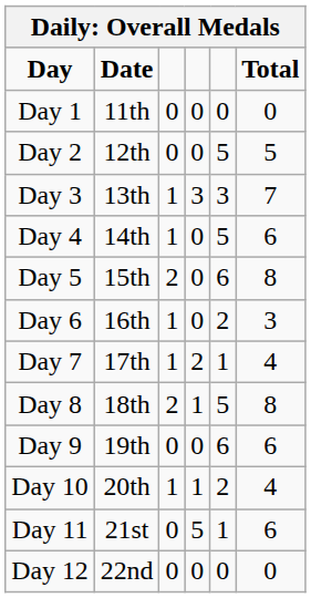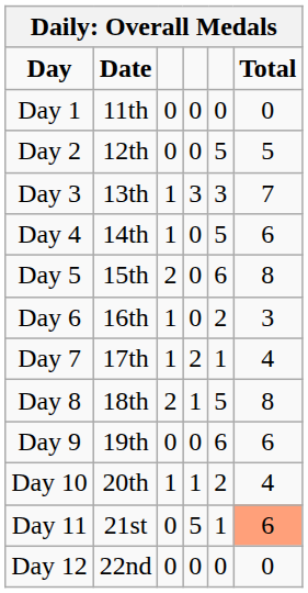 <table class="wikitable" style="font-size:100%" align="left">
 <tr bgcolor="#efefef">
 <th colspan=10><strong>Daily: Overall Medals</strong></th>
 </tr>
 <tr style="text-align:center;">
 <td><strong>Day</strong></td>
 <td><strong>Date</strong></td>
 <td></td>
 <td></td>
 <td></td>
 <td><strong>Total</strong></td>
 </tr>
 <tr style="text-align:center;">
 <td>Day 1</td>
 <td>11th</td>
 <td>0</td>
 <td>0</td>
 <td>0</td>
 <td>0</td>
 </tr>
 <tr style="text-align:center;">
 <td>Day 2</td>
 <td>12th</td>
 <td>0</td>
 <td>0</td>
 <td>5</td>
 <td>5</td>
 </tr>
 <tr style="text-align:center;">
 <td>Day 3</td>
 <td>13th</td>
 <td>1</td>
 <td>3</td>
 <td>3</td>
 <td>7</td>
 </tr>
 <tr style="text-align:center;">
 <td>Day 4</td>
 <td>14th</td>
 <td>1</td>
 <td>0</td>
 <td>5</td>
 <td>6</td>
 </tr>
 <tr style="text-align:center;">
 <td>Day 5</td>
 <td>15th</td>
 <td>2</td>
 <td>0</td>
 <td>6</td>
 <td>8</td>
 </tr>
 <tr style="text-align:center;">
 <td>Day 6</td>
 <td>16th</td>
 <td>1</td>
 <td>0</td>
 <td>2</td>
 <td>3</td>
 </tr>
 <tr style="text-align:center;">
 <td>Day 7</td>
 <td>17th</td>
 <td>1</td>
 <td>2</td>
 <td>1</td>
 <td>4</td>
 </tr>
 <tr style="text-align:center;">
 <td>Day 8</td>
 <td>18th</td>
 <td>2</td>
 <td>1</td>
 <td>5</td>
 <td>8</td>
 </tr>
 <tr style="text-align:center;">
 <td>Day 9</td>
 <td>19th</td>
 <td>0</td>
 <td>0</td>
 <td>6</td>
 <td>6</td>
 </tr>
 <tr style="text-align:center;">
 <td>Day 10</td>
 <td>20th</td>
 <td>1</td>
 <td>1</td>
 <td>2</td>
 <td>4</td>
 </tr>
 <tr style="text-align:center;">
 <td>Day 11</td>
 <td>21st</td>
 <td>0</td>
 <td>5</td>
 <td>1</td>
-<td>6</td>
+<td style="background: lightsalmon;">6</td>
 </tr>
 <tr style="text-align:center;">
 <td>Day 12</td>
 <td>22nd</td>
 <td>0</td>
 <td>0</td>
 <td>0</td>
 <td>0</td>
 </tr>
 </table>
